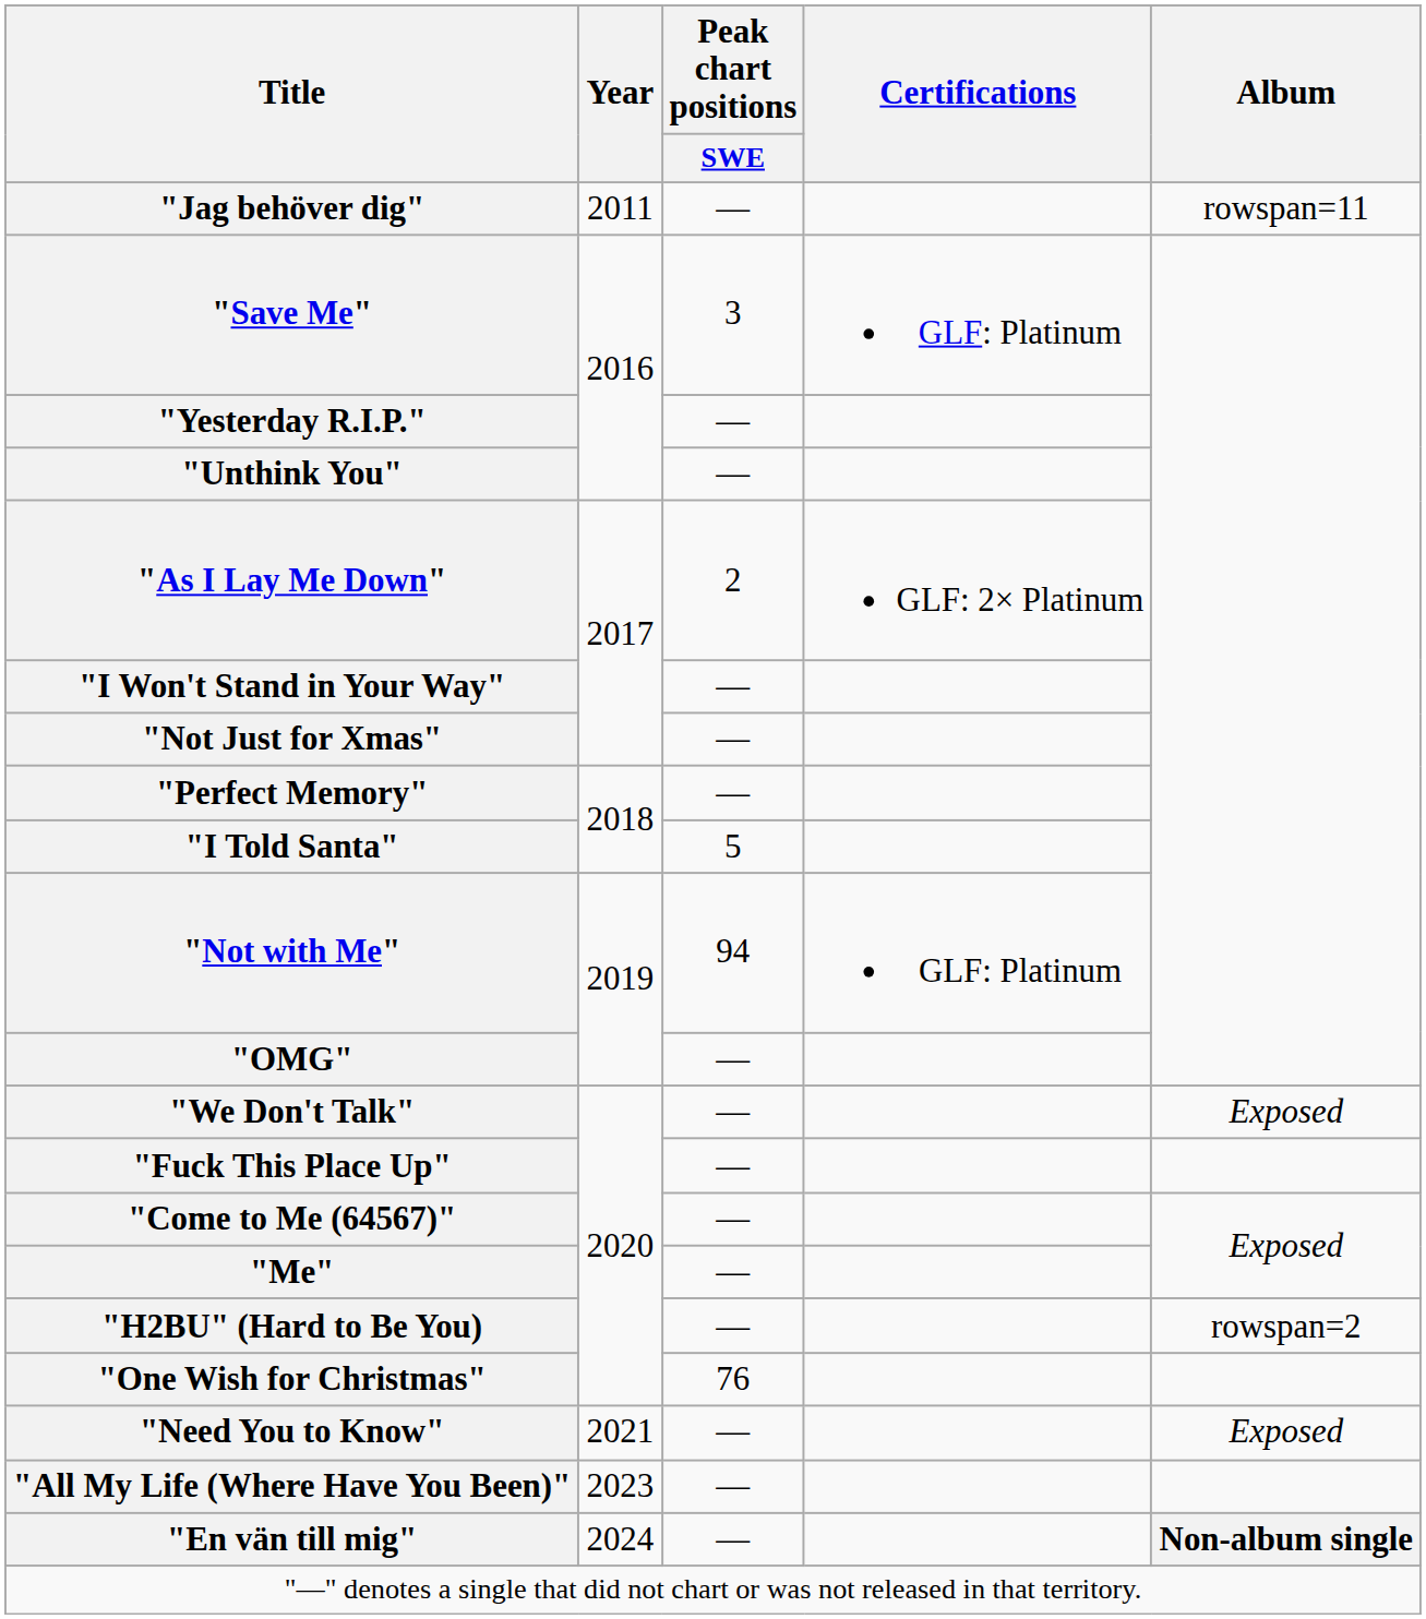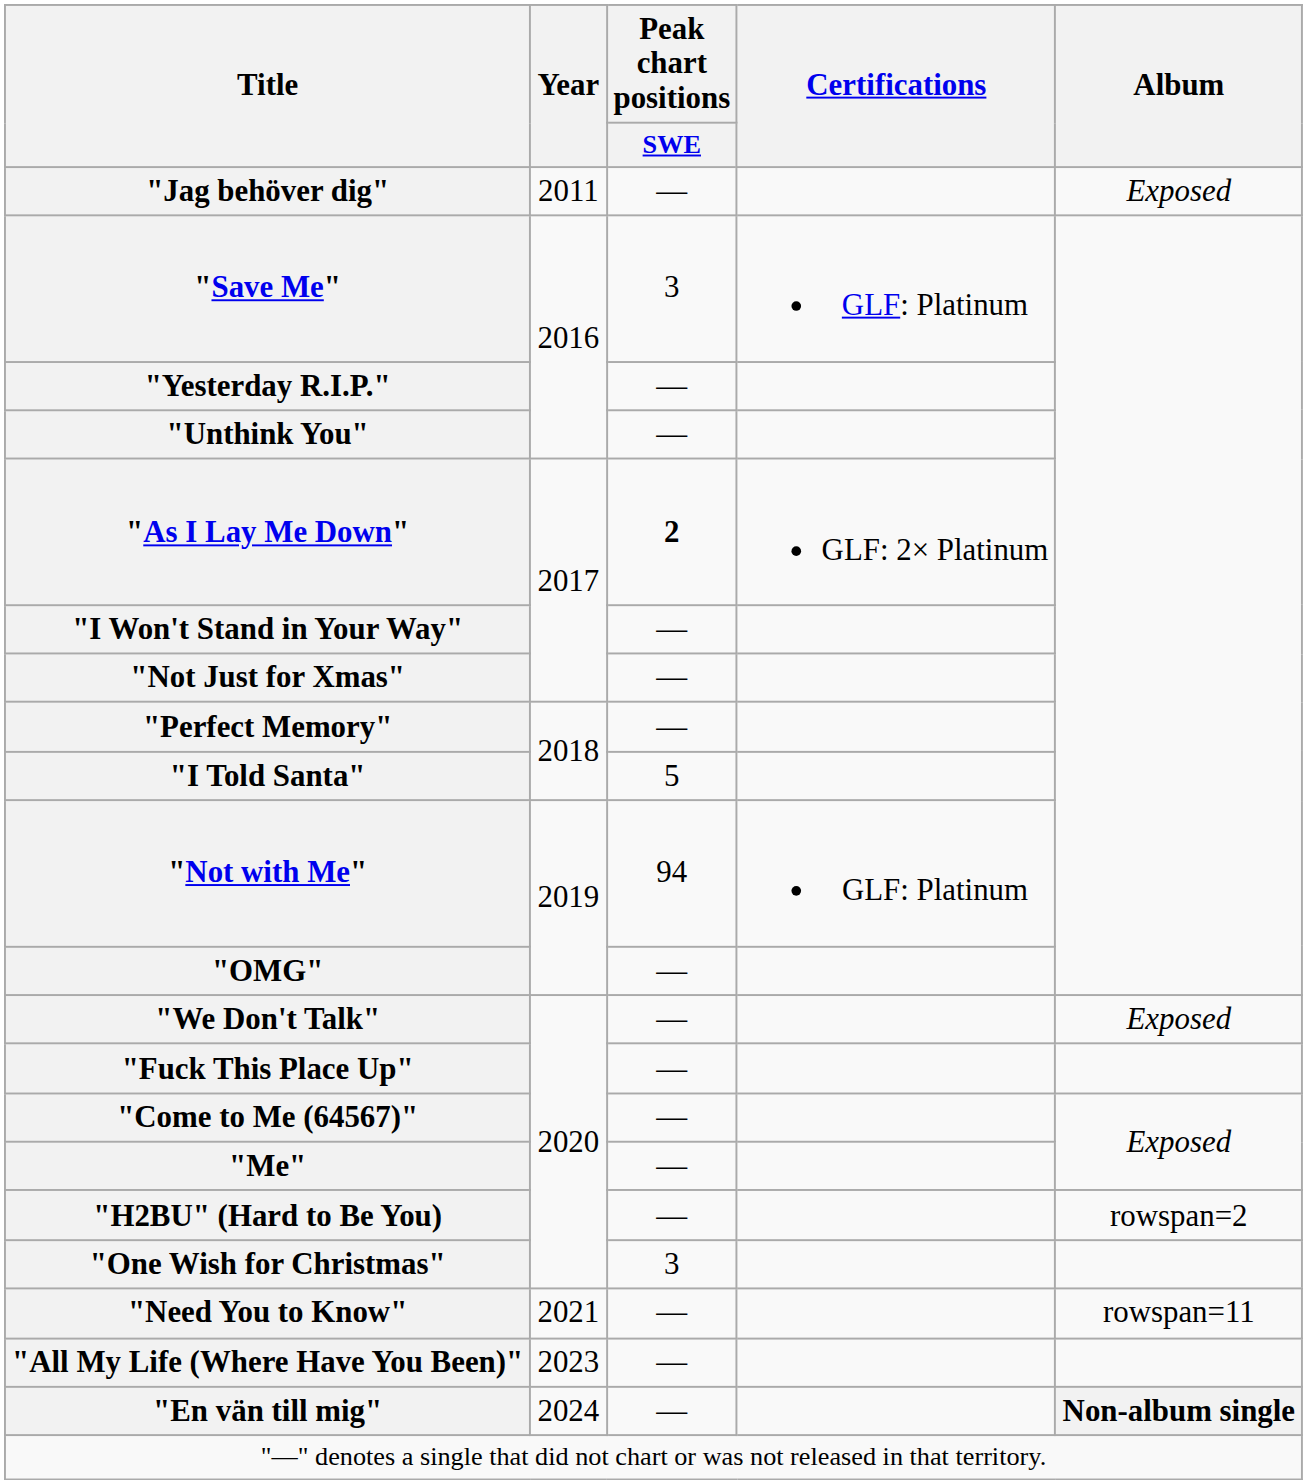 <table class="wikitable plainrowheaders" style="text-align:center;">
 <tr>
 <th scope="col" rowspan="2">Title</th>
 <th scope="col" rowspan="2">Year</th>
 <th scope="col" colspan="1">Peak chart positions</th>
 <th scope="col" rowspan="2"><a href='#'>Certifications</a></th>
 <th scope="col" rowspan="2">Album</th>
 </tr>
 <tr>
 <th scope="col" style="width:3em;font-size:85%;"><a href='#'>SWE</a><br></th>
 </tr>
 <tr>
 <th scope="row">"Jag behöver dig"</th>
 <td>2011</td>
 <td>—</td>
 <td></td>
-<td>rowspan=11 </td>
+<td><em>Exposed</em></td>
 </tr>
 <tr>
 <th scope="row">"<a href='#'>Save Me</a>"</th>
 <td rowspan="3">2016</td>
 <td>3</td>
 <td><br><ul><li><a href='#'>GLF</a>: Platinum</li></ul></td>
 </tr>
 <tr>
 <th scope="row">"Yesterday R.I.P."</th>
 <td>—</td>
 <td></td>
 </tr>
 <tr>
 <th scope="row">"Unthink You"</th>
 <td>—</td>
 <td></td>
 </tr>
 <tr>
 <th scope="row">"<a href='#'>As I Lay Me Down</a>"</th>
 <td rowspan="3">2017</td>
-<td>2</td>
+<td><strong>2</strong></td>
 <td><br><ul><li>GLF: 2× Platinum</li></ul></td>
 </tr>
 <tr>
 <th scope="row">"I Won't Stand in Your Way"</th>
 <td>—</td>
 <td></td>
 </tr>
 <tr>
 <th scope="row">"Not Just for Xmas"</th>
 <td>—</td>
 <td></td>
 </tr>
 <tr>
 <th scope="row">"Perfect Memory"</th>
 <td rowspan="2">2018</td>
 <td>—</td>
 <td></td>
 </tr>
 <tr>
 <th scope="row">"I Told Santa"</th>
 <td>5</td>
 <td></td>
 </tr>
 <tr>
 <th scope="row">"<a href='#'>Not with Me</a>"</th>
 <td rowspan="2">2019</td>
 <td>94</td>
 <td><br><ul><li>GLF: Platinum</li></ul></td>
 </tr>
 <tr>
 <th scope="row">"OMG"</th>
 <td>—</td>
 <td></td>
 </tr>
 <tr>
 <th scope="row">"We Don't Talk"</th>
 <td rowspan="6">2020</td>
 <td>—</td>
 <td></td>
 <td><em>Exposed</em></td>
 </tr>
 <tr>
 <th scope="row">"Fuck This Place Up" </th>
 <td>—</td>
 <td></td>
 <td></td>
 </tr>
 <tr>
 <th scope="row">"Come to Me (64567)"</th>
 <td>—</td>
 <td></td>
 <td rowspan=2><em>Exposed</em></td>
 </tr>
 <tr>
 <th scope="row">"Me"</th>
 <td>—</td>
 <td></td>
 </tr>
 <tr>
 <th scope="row">"H2BU" (Hard to Be You)</th>
 <td>—</td>
 <td></td>
 <td>rowspan=2 </td>
 </tr>
 <tr>
 <th scope="row">"One Wish for Christmas"</th>
-<td>76<br></td>
+<td>3</td>
 <td></td>
 </tr>
 <tr>
 <th scope="row">"Need You to Know"</th>
 <td>2021</td>
 <td>—</td>
 <td></td>
-<td><em>Exposed</em></td>
+<td>rowspan=11 </td>
 </tr>
 <tr>
 <th scope="row">"All My Life (Where Have You Been)"</th>
 <td>2023</td>
 <td>—</td>
 <td></td>
 <td></td>
 </tr>
 <tr>
 <th scope="row">"En vän till mig"</th>
 <td>2024</td>
 <td>—</td>
 <td></td>
 <th>Non-album single</th>
 </tr>
 <tr>
 <td colspan="15" style="font-size:85%">"—" denotes a single that did not chart or was not released in that territory.</td>
 </tr>
 </table>
